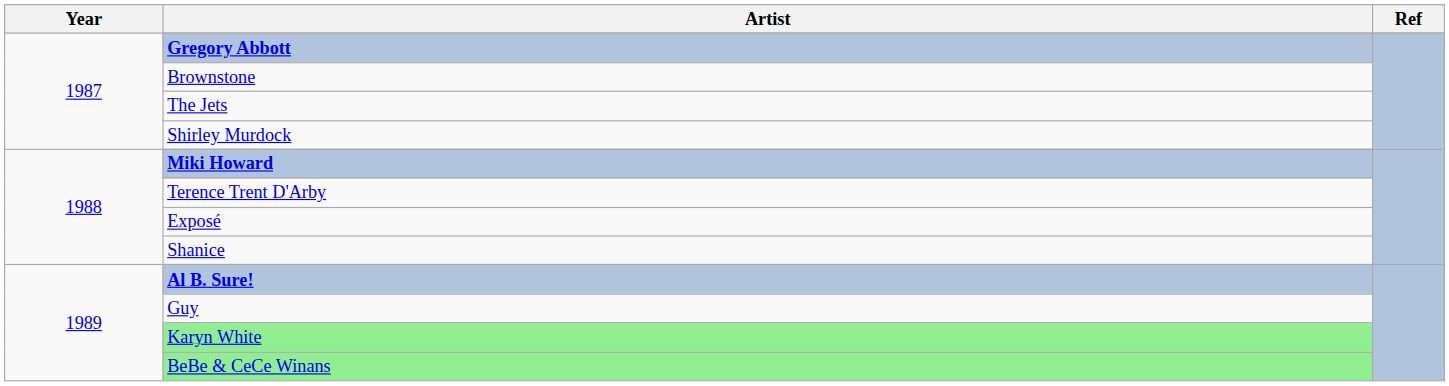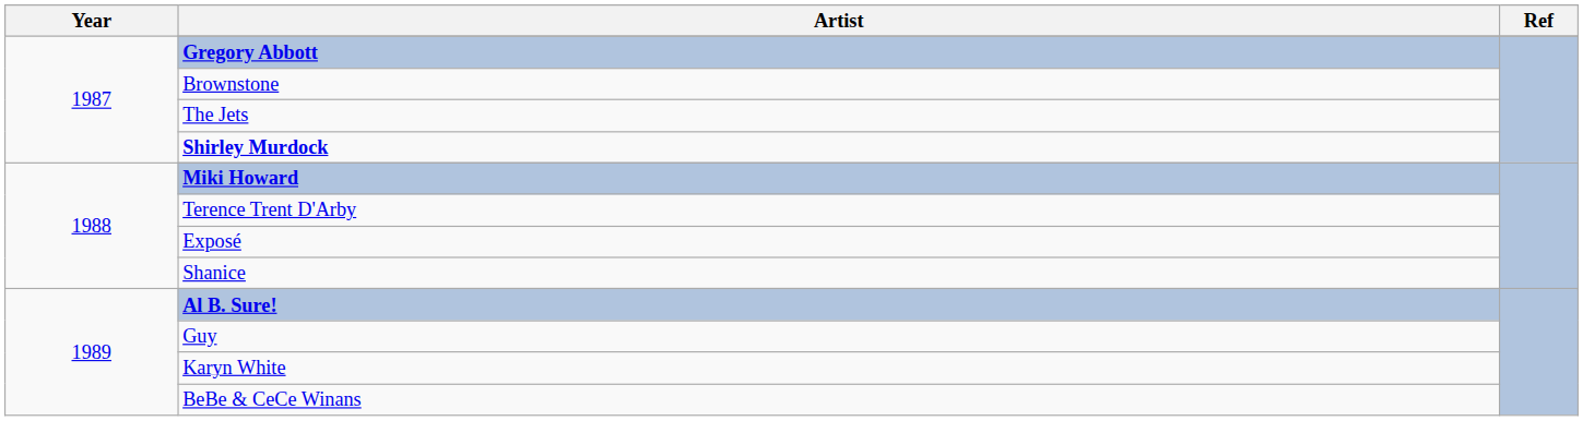 <table class="wikitable" style="width:100%;">
 <tr style="background:#bebebe;">
 <th style="width:11%;">Year</th>
 <th style="width:84%;">Artist</th>
 <th style="width:5%;">Ref</th>
 </tr>
 <tr>
 <td rowspan="5" align="center"><a href='#'>1987</a></td>
 </tr>
 <tr style="background:#B0C4DE">
 <td><strong><a href='#'>Gregory Abbott</a></strong></td>
 <td rowspan="5" align="center"></td>
 </tr>
 <tr>
 <td><a href='#'>Brownstone</a></td>
 </tr>
 <tr>
 <td><a href='#'>The Jets</a></td>
 </tr>
 <tr>
-<td><a href='#'>Shirley Murdock</a></td>
+<td><strong><a href='#'>Shirley Murdock</a></strong></td>
 </tr>
 <tr>
 <td rowspan="5" align="center"><a href='#'>1988</a></td>
 </tr>
 <tr style="background:#B0C4DE">
 <td><strong><a href='#'>Miki Howard</a></strong></td>
 <td rowspan="5" align="center"></td>
 </tr>
 <tr>
 <td><a href='#'>Terence Trent D'Arby</a></td>
 </tr>
 <tr>
 <td><a href='#'>Exposé</a></td>
 </tr>
 <tr>
 <td><a href='#'>Shanice</a></td>
 </tr>
 <tr>
 <td rowspan="5" align="center"><a href='#'>1989</a></td>
 </tr>
 <tr style="background:#B0C4DE">
 <td><strong><a href='#'>Al B. Sure!</a></strong></td>
 <td rowspan="5" align="center"></td>
 </tr>
 <tr>
 <td><a href='#'>Guy</a></td>
 </tr>
 <tr>
-<td style="background: lightgreen;"><a href='#'>Karyn White</a></td>
+<td><a href='#'>Karyn White</a></td>
 </tr>
 <tr>
-<td style="background: lightgreen;"><a href='#'>BeBe & CeCe Winans</a></td>
+<td><a href='#'>BeBe & CeCe Winans</a></td>
 </tr>
 </table>
